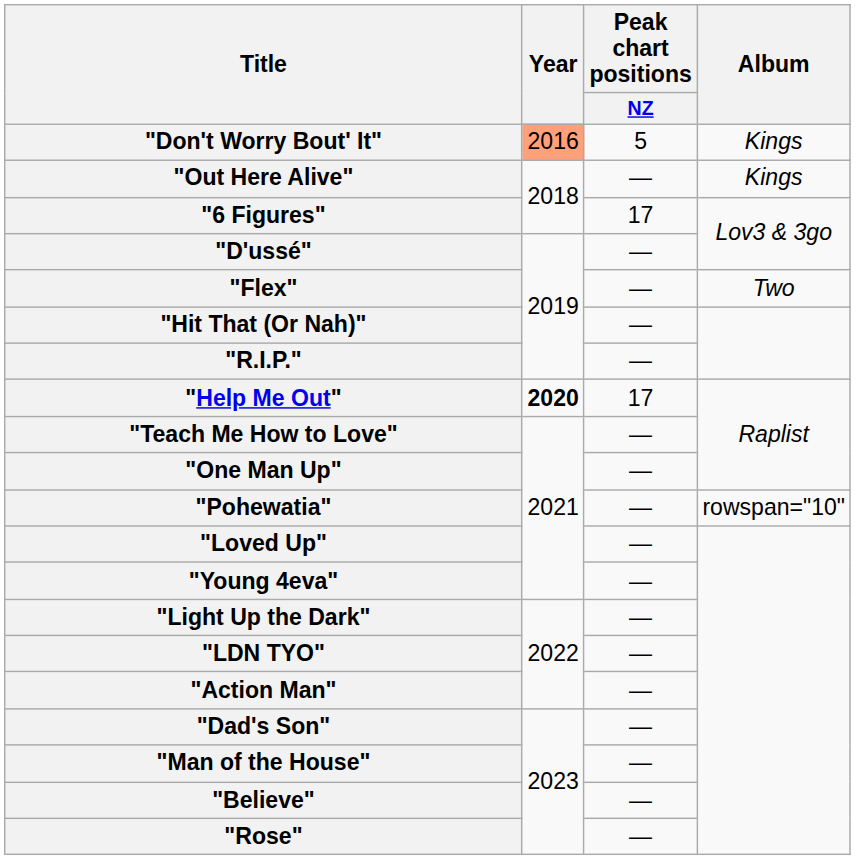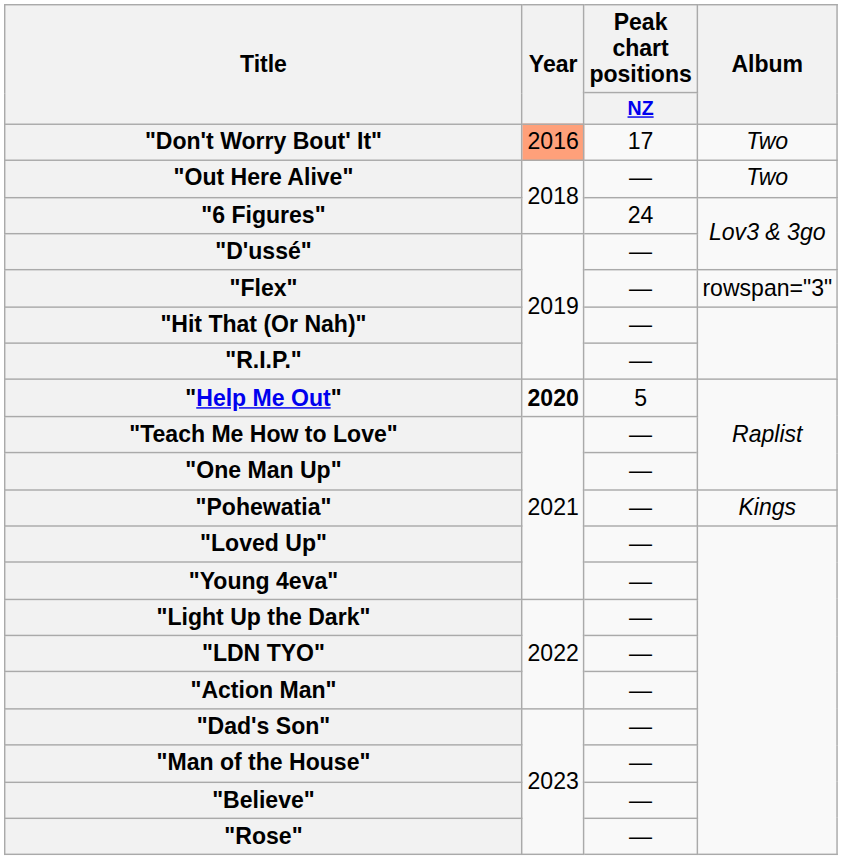 <table class="wikitable plainrowheaders" style="text-align:center;">
 <tr>
 <th scope="col" rowspan="2" style="width:22em;">Title</th>
 <th scope="col" rowspan="2" style="width:1em;">Year</th>
 <th scope="col">Peak chart positions</th>
 <th scope="col" rowspan="2">Album</th>
 </tr>
 <tr>
 <th scope="col" style="width:3em;font-size:85%;"><a href='#'>NZ</a><br></th>
 </tr>
 <tr>
 <th scope="row">"Don't Worry Bout' It"</th>
 <td style="background: lightsalmon;">2016</td>
-<td>5</td>
-<td><em>Kings</em></td>
+<td>17<br></td>
+<td><em>Two</em></td>
 </tr>
 <tr>
 <th scope="row">"Out Here Alive"<br></th>
 <td rowspan="2">2018</td>
 <td>—</td>
-<td><em>Kings</em></td>
+<td><em>Two</em></td>
 </tr>
 <tr>
 <th scope="row">"6 Figures"</th>
-<td>17<br></td>
+<td>24</td>
 <td rowspan="2"><em>Lov3 & 3go</em></td>
 </tr>
 <tr>
 <th scope="row">"D'ussé"</th>
 <td rowspan="4">2019</td>
 <td>—</td>
 </tr>
 <tr>
 <th scope="row">"Flex"</th>
 <td>—</td>
-<td><em>Two</em></td>
+<td>rowspan="3" </td>
 </tr>
 <tr>
 <th scope="row">"Hit That (Or Nah)"</th>
 <td>—</td>
 </tr>
 <tr>
 <th scope="row">"R.I.P."</th>
 <td>—</td>
 </tr>
 <tr>
 <th scope="row">"<a href='#'>Help Me Out</a>"<br></th>
 <td><strong>2020</strong></td>
-<td>17<br></td>
+<td>5</td>
 <td rowspan="3"><em>Raplist</em></td>
 </tr>
 <tr>
 <th scope="row">"Teach Me How to Love"</th>
 <td rowspan="5">2021</td>
 <td>—</td>
 </tr>
 <tr>
 <th scope="row">"One Man Up"</th>
 <td>—</td>
 </tr>
 <tr>
 <th scope="row">"Pohewatia"<br></th>
 <td>—</td>
-<td>rowspan="10" </td>
+<td><em>Kings</em></td>
 </tr>
 <tr>
 <th scope="row">"Loved Up"<br></th>
 <td>—</td>
 </tr>
 <tr>
 <th scope="row">"Young 4eva"</th>
 <td>—</td>
 </tr>
 <tr>
 <th scope="row">"Light Up the Dark"</th>
 <td rowspan="3">2022</td>
 <td>—</td>
 </tr>
 <tr>
 <th scope="row">"LDN TYO"</th>
 <td>—</td>
 </tr>
 <tr>
 <th scope="row">"Action Man"</th>
 <td>—</td>
 </tr>
 <tr>
 <th scope="row">"Dad's Son"</th>
 <td rowspan="4">2023</td>
 <td>—</td>
 </tr>
 <tr>
 <th scope="row">"Man of the House"</th>
 <td>—</td>
 </tr>
 <tr>
 <th scope="row">"Believe"</th>
 <td>—</td>
 </tr>
 <tr>
 <th scope="row">"Rose"</th>
 <td>—</td>
 </tr>
 </table>
